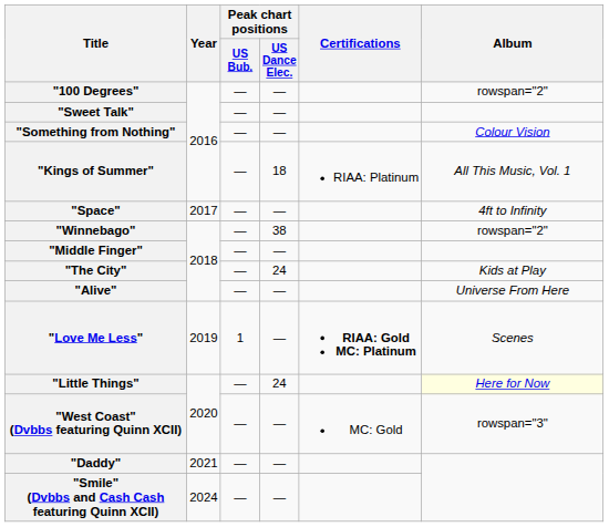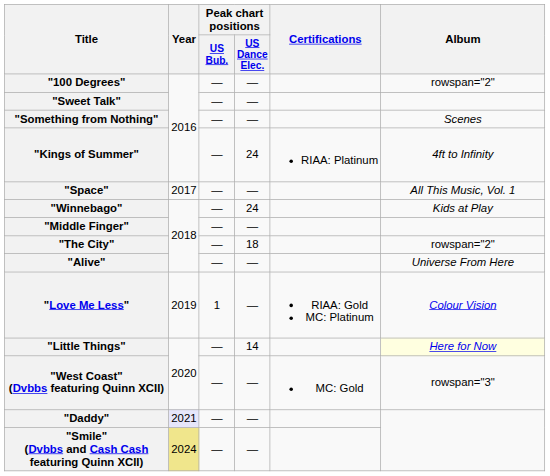 <table class="wikitable plainrowheaders" style="text-align:center;">
 <tr>
 <th scope="col" rowspan="2" style="width:14em;">Title</th>
 <th scope="col" rowspan="2" style="width:1em;">Year</th>
 <th colspan="2" scope="col">Peak chart positions</th>
 <th scope="col" rowspan="2"><a href='#'>Certifications</a></th>
 <th scope="col" rowspan="2" style="width:14em;">Album</th>
 </tr>
 <tr>
 <th scope="col" style="width:3em;font-size:90%;"><a href='#'>US<br>Bub.</a><br></th>
 <th scope="col" style="width:3em;font-size:90%;"><a href='#'>US<br>Dance<br>Elec.</a><br></th>
 </tr>
 <tr>
 <th scope="row">"100 Degrees"<br></th>
 <td rowspan="4">2016</td>
 <td>—</td>
 <td>—</td>
 <td></td>
 <td>rowspan="2" </td>
 </tr>
 <tr>
 <th scope="row">"Sweet Talk"<br></th>
 <td>—</td>
 <td>—</td>
 <td></td>
 </tr>
 <tr>
 <th scope="row">"Something from Nothing"<br></th>
 <td>—</td>
 <td>—</td>
 <td></td>
-<td><em><a href='#'>Colour Vision</a></em></td>
+<td><em>Scenes</em></td>
 </tr>
 <tr>
 <th scope="row">"Kings of Summer"<br></th>
 <td>—</td>
-<td>18</td>
+<td>24</td>
 <td><br><ul><li>RIAA: Platinum</li></ul></td>
-<td><em>All This Music, Vol. 1</em></td>
+<td><em>4ft to Infinity</em></td>
 </tr>
 <tr>
 <th scope="row">"Space"<br></th>
 <td>2017</td>
 <td>—</td>
 <td>—</td>
 <td></td>
-<td><em>4ft to Infinity</em></td>
+<td><em>All This Music, Vol. 1</em></td>
 </tr>
 <tr>
 <th scope="row">"Winnebago"<br></th>
 <td rowspan="4">2018</td>
 <td>—</td>
-<td>38</td>
+<td>24</td>
 <td></td>
-<td>rowspan="2" </td>
+<td><em>Kids at Play</em></td>
 </tr>
 <tr>
 <th scope="row">"Middle Finger"<br></th>
 <td>—</td>
 <td>—</td>
 <td></td>
 </tr>
 <tr>
 <th scope="row">"The City"<br></th>
 <td>—</td>
-<td>24</td>
+<td>18</td>
 <td></td>
-<td><em>Kids at Play</em></td>
+<td>rowspan="2" </td>
 </tr>
 <tr>
 <th scope="row">"Alive"<br></th>
 <td>—</td>
 <td>—</td>
 <td></td>
 <td><em>Universe From Here</em></td>
 </tr>
 <tr>
 <th scope="row">"<a href='#'>Love Me Less</a>"<br></th>
 <td>2019</td>
 <td>1</td>
 <td>—</td>
-<td><strong><br><ul><li>RIAA: Gold</li><li>MC: Platinum</li></ul></strong></td>
-<td><em>Scenes</em></td>
+<td><br><ul><li>RIAA: Gold</li><li>MC: Platinum</li></ul></td>
+<td><em><a href='#'>Colour Vision</a></em></td>
 </tr>
 <tr>
 <th scope="row">"Little Things" <br></th>
 <td rowspan="2">2020</td>
 <td>—</td>
-<td>24</td>
+<td>14</td>
 <td></td>
 <td style="background: lightyellow;"><em><a href='#'>Here for Now</a></em></td>
 </tr>
 <tr>
 <th scope="row">"West Coast" <br><span>(<a href='#'>Dvbbs</a> featuring Quinn XCII)</span></th>
 <td>—</td>
 <td>—</td>
 <td><br><ul><li>MC: Gold</li></ul></td>
 <td>rowspan="3" </td>
 </tr>
 <tr>
 <th scope="row">"Daddy"<br></th>
-<td>2021</td>
+<td style="background: lavender;">2021</td>
 <td>—</td>
 <td>—</td>
 <td></td>
 </tr>
 <tr>
 <th scope="row">"Smile"<br><span>(<a href='#'>Dvbbs</a> and <a href='#'>Cash Cash</a> featuring Quinn XCII)</span></th>
-<td>2024</td>
+<td style="background: khaki;">2024</td>
 <td>—</td>
 <td>—</td>
 <td></td>
 </tr>
 </table>
